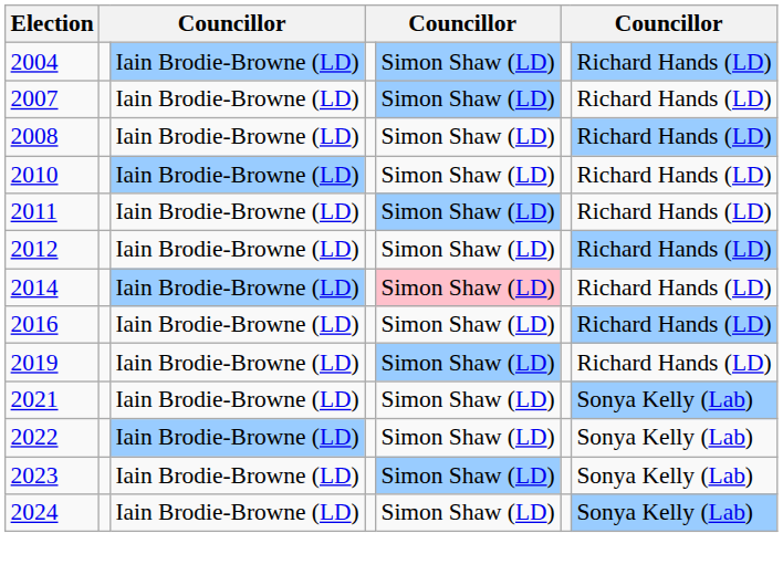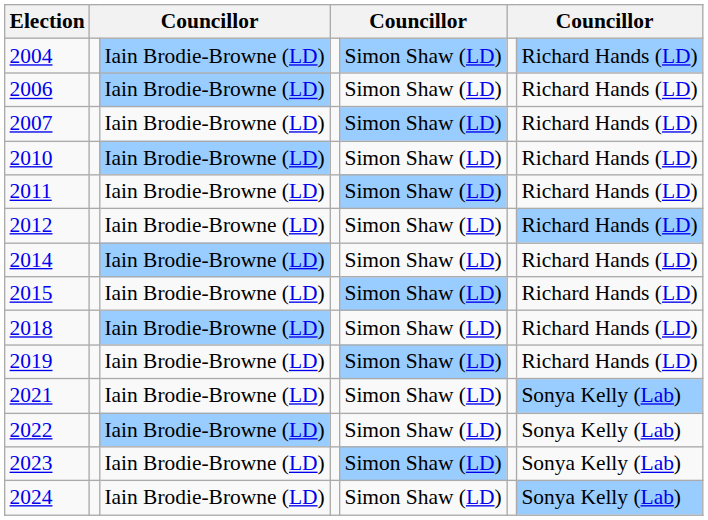 <table class="wikitable">
 <tr>
 <th>Election</th>
 <th colspan="2">Councillor</th>
 <th colspan="2">Councillor</th>
 <th colspan="2">Councillor</th>
 </tr>
 <tr>
 <td><a href='#'>2004</a></td>
 <td style="background-color: "></td>
 <td bgcolor="#99CCFF">Iain Brodie-Browne (<a href='#'>LD</a>)</td>
 <td style="background-color: "></td>
 <td bgcolor="#99CCFF">Simon Shaw (<a href='#'>LD</a>)</td>
 <td style="background-color: "></td>
 <td bgcolor="#99CCFF">Richard Hands (<a href='#'>LD</a>)</td>
 </tr>
 <tr>
+<td><a href='#'>2006</a></td>
+<td style="background-color: "></td>
+<td bgcolor="#99CCFF">Iain Brodie-Browne (<a href='#'>LD</a>)</td>
+<td style="background-color: "></td>
+<td>Simon Shaw (<a href='#'>LD</a>)</td>
+<td style="background-color: "></td>
+<td>Richard Hands (<a href='#'>LD</a>)</td>
+</tr>
+<tr>
 <td><a href='#'>2007</a></td>
 <td style="background-color: "></td>
 <td>Iain Brodie-Browne (<a href='#'>LD</a>)</td>
 <td style="background-color: "></td>
 <td bgcolor="#99CCFF">Simon Shaw (<a href='#'>LD</a>)</td>
 <td style="background-color: "></td>
 <td>Richard Hands (<a href='#'>LD</a>)</td>
-</tr>
-<tr>
-<td><a href='#'>2008</a></td>
-<td style="background-color: "></td>
-<td>Iain Brodie-Browne (<a href='#'>LD</a>)</td>
-<td style="background-color: "></td>
-<td>Simon Shaw (<a href='#'>LD</a>)</td>
-<td style="background-color: "></td>
-<td bgcolor="#99CCFF">Richard Hands (<a href='#'>LD</a>)</td>
 </tr>
 <tr>
 <td><a href='#'>2010</a></td>
 <td style="background-color: "></td>
 <td bgcolor="#99CCFF">Iain Brodie-Browne (<a href='#'>LD</a>)</td>
 <td style="background-color: "></td>
 <td>Simon Shaw (<a href='#'>LD</a>)</td>
 <td style="background-color: "></td>
 <td>Richard Hands (<a href='#'>LD</a>)</td>
 </tr>
 <tr>
 <td><a href='#'>2011</a></td>
 <td style="background-color: "></td>
 <td>Iain Brodie-Browne (<a href='#'>LD</a>)</td>
 <td style="background-color: "></td>
 <td bgcolor="#99CCFF">Simon Shaw (<a href='#'>LD</a>)</td>
 <td style="background-color: "></td>
 <td>Richard Hands (<a href='#'>LD</a>)</td>
 </tr>
 <tr>
 <td><a href='#'>2012</a></td>
 <td style="background-color: "></td>
 <td>Iain Brodie-Browne (<a href='#'>LD</a>)</td>
 <td style="background-color: "></td>
 <td>Simon Shaw (<a href='#'>LD</a>)</td>
 <td style="background-color: "></td>
 <td bgcolor="#99CCFF">Richard Hands (<a href='#'>LD</a>)</td>
 </tr>
 <tr>
 <td><a href='#'>2014</a></td>
 <td style="background-color: "></td>
 <td bgcolor="#99CCFF">Iain Brodie-Browne (<a href='#'>LD</a>)</td>
 <td style="background-color: "></td>
-<td style="background: pink;">Simon Shaw (<a href='#'>LD</a>)</td>
+<td>Simon Shaw (<a href='#'>LD</a>)</td>
 <td style="background-color: "></td>
 <td>Richard Hands (<a href='#'>LD</a>)</td>
 </tr>
 <tr>
-<td><a href='#'>2016</a></td>
+<td><a href='#'>2015</a></td>
 <td style="background-color: "></td>
 <td>Iain Brodie-Browne (<a href='#'>LD</a>)</td>
 <td style="background-color: "></td>
+<td bgcolor="#99CCFF">Simon Shaw (<a href='#'>LD</a>)</td>
+<td style="background-color: "></td>
+<td>Richard Hands (<a href='#'>LD</a>)</td>
+</tr>
+<tr>
+<td><a href='#'>2018</a></td>
+<td style="background-color: "></td>
+<td bgcolor="#99CCFF">Iain Brodie-Browne (<a href='#'>LD</a>)</td>
+<td style="background-color: "></td>
 <td>Simon Shaw (<a href='#'>LD</a>)</td>
 <td style="background-color: "></td>
-<td bgcolor="#99CCFF">Richard Hands (<a href='#'>LD</a>)</td>
+<td>Richard Hands (<a href='#'>LD</a>)</td>
 </tr>
 <tr>
 <td><a href='#'>2019</a></td>
 <td style="background-color: "></td>
 <td>Iain Brodie-Browne (<a href='#'>LD</a>)</td>
 <td style="background-color: "></td>
 <td bgcolor="#99CCFF">Simon Shaw (<a href='#'>LD</a>)</td>
 <td style="background-color: "></td>
 <td>Richard Hands (<a href='#'>LD</a>)</td>
 </tr>
 <tr>
 <td><a href='#'>2021</a></td>
 <td style="background-color: "></td>
 <td>Iain Brodie-Browne (<a href='#'>LD</a>)</td>
 <td style="background-color: "></td>
 <td>Simon Shaw (<a href='#'>LD</a>)</td>
 <td style="background-color: "></td>
 <td bgcolor="#99CCFF">Sonya Kelly (<a href='#'>Lab</a>)</td>
 </tr>
 <tr>
 <td><a href='#'>2022</a></td>
 <td style="background-color: "></td>
 <td bgcolor="#99CCFF">Iain Brodie-Browne (<a href='#'>LD</a>)</td>
 <td style="background-color: "></td>
 <td>Simon Shaw (<a href='#'>LD</a>)</td>
 <td style="background-color: "></td>
 <td>Sonya Kelly (<a href='#'>Lab</a>)</td>
 </tr>
 <tr>
 <td><a href='#'>2023</a></td>
 <td style="background-color: "></td>
 <td>Iain Brodie-Browne (<a href='#'>LD</a>)</td>
 <td style="background-color: "></td>
 <td bgcolor="#99CCFF">Simon Shaw (<a href='#'>LD</a>)</td>
 <td style="background-color: "></td>
 <td>Sonya Kelly (<a href='#'>Lab</a>)</td>
 </tr>
 <tr>
 <td><a href='#'>2024</a></td>
 <td style="background-color: "></td>
 <td>Iain Brodie-Browne (<a href='#'>LD</a>)</td>
 <td style="background-color: "></td>
 <td>Simon Shaw (<a href='#'>LD</a>)</td>
 <td style="background-color: "></td>
 <td bgcolor="#99CCFF">Sonya Kelly (<a href='#'>Lab</a>)</td>
 </tr>
 </table>
